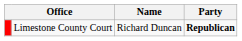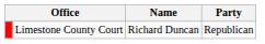 <table class="wikitable">
 <tr>
 <th colspan="2">Office</th>
 <th>Name</th>
 <th>Party</th>
 </tr>
 <tr>
 <td bgcolor="red"> </td>
 <td>Limestone County Court</td>
 <td>Richard Duncan</td>
-<td><strong>Republican</strong></td>
+<td>Republican</td>
 </tr>
 </table>
